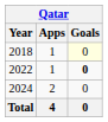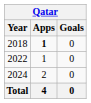 <table class="wikitable" style="text-align:center">
 <tr>
 <th colspan=4><a href='#'>Qatar</a></th>
 </tr>
 <tr>
 <th>Year</th>
 <th>Apps</th>
 <th>Goals</th>
 </tr>
 <tr>
 <td>2018</td>
-<td>1</td>
-<td style="background: lightyellow;">0</td>
+<td><strong>1</strong></td>
+<td>0</td>
 </tr>
 <tr>
 <td>2022</td>
 <td>1</td>
-<td><strong>0</strong></td>
+<td>0</td>
 </tr>
 <tr>
 <td>2024</td>
 <td>2</td>
 <td>0</td>
 </tr>
 <tr>
 <th>Total</th>
 <th>4</th>
 <th>0</th>
 </tr>
 </table>
